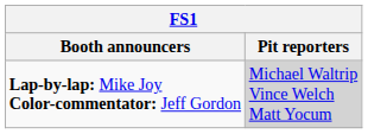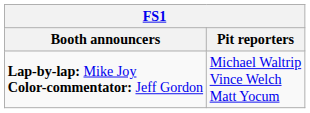 <table class="wikitable" style="font-size: 95%;">
 <tr>
 <th colspan="2"><a href='#'>FS1</a></th>
 </tr>
 <tr>
 <th>Booth announcers</th>
 <th>Pit reporters</th>
 </tr>
 <tr>
 <td><strong>Lap-by-lap:</strong> <a href='#'>Mike Joy</a><br><strong>Color-commentator:</strong> <a href='#'>Jeff Gordon</a></td>
-<td style="background: lightgrey;"><a href='#'>Michael Waltrip</a><br><a href='#'>Vince Welch</a><br><a href='#'>Matt Yocum</a></td>
+<td><a href='#'>Michael Waltrip</a><br><a href='#'>Vince Welch</a><br><a href='#'>Matt Yocum</a></td>
 </tr>
 </table>
